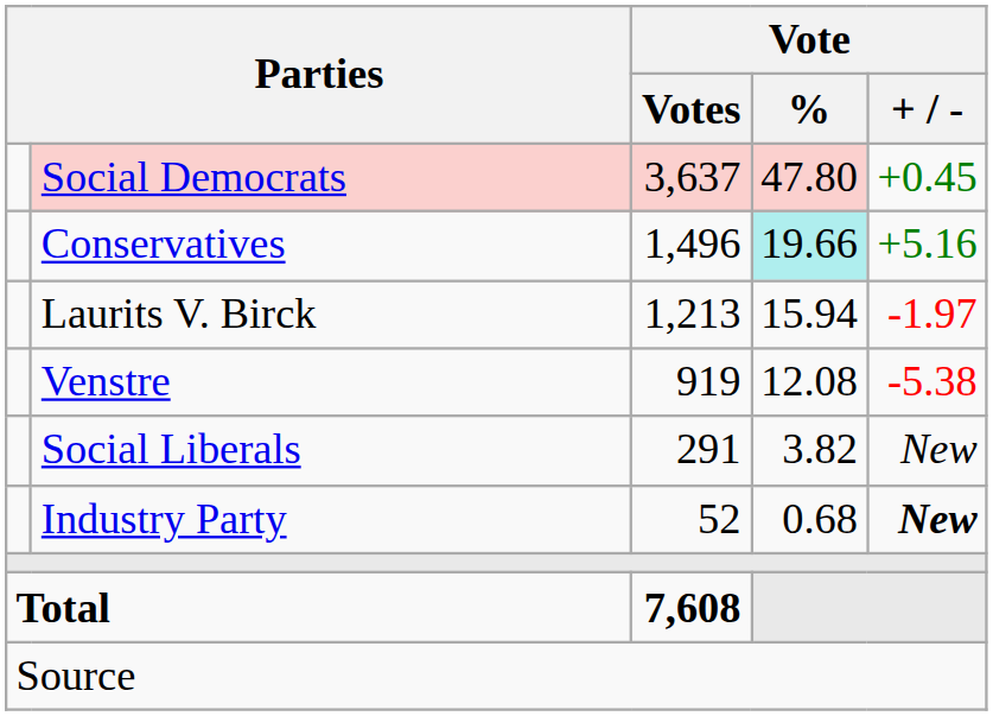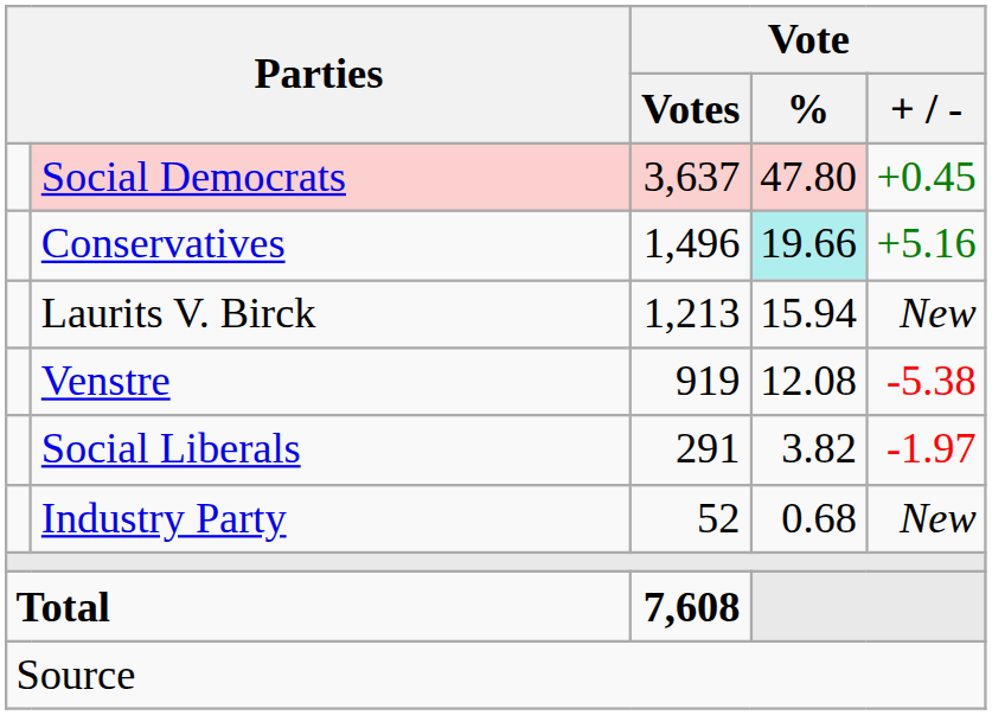 <table class="wikitable" style="text-align:right;">
 <tr>
 <th style="text-align:centre;" rowspan="2" colspan="2" width="225">Parties</th>
 <th colspan="3">Vote</th>
 </tr>
 <tr>
 <th width="15">Votes</th>
 <th width="15">%</th>
 <th width="15">+ / -</th>
 </tr>
 <tr>
 <td width="2" style="color:inherit;background:"></td>
 <td bgcolor=#fbd0ce  align="left"><a href='#'>Social Democrats</a></td>
 <td bgcolor=#fbd0ce>3,637</td>
 <td bgcolor=#fbd0ce>47.80</td>
 <td style=color:green;>+0.45</td>
 </tr>
 <tr>
 <td width="2" style="color:inherit;background:"></td>
 <td align="left"><a href='#'>Conservatives</a></td>
 <td>1,496</td>
 <td style="background: paleturquoise;">19.66</td>
 <td style=color:green;>+5.16</td>
 </tr>
 <tr>
 <td width="2" style="color:inherit;background:"></td>
 <td align="left">Laurits V. Birck</td>
 <td>1,213</td>
 <td>15.94</td>
-<td style=color:red;>-1.97</td>
+<td><em>New</em></td>
 </tr>
 <tr>
 <td width="2" style="color:inherit;background:"></td>
 <td align="left"><a href='#'>Venstre</a></td>
 <td>919</td>
 <td>12.08</td>
 <td style=color:red;>-5.38</td>
 </tr>
 <tr>
 <td width="2" style="color:inherit;background:"></td>
 <td align="left"><a href='#'>Social Liberals</a></td>
 <td>291</td>
 <td>3.82</td>
-<td><em>New</em></td>
+<td style=color:red;>-1.97</td>
 </tr>
 <tr>
 <td width="2" style="color:inherit;background:"></td>
 <td align="left"><a href='#'>Industry Party</a></td>
 <td>52</td>
 <td>0.68</td>
-<td><strong><em>New</em></strong></td>
+<td><em>New</em></td>
 </tr>
 <tr>
 <td colspan="7" bgcolor="#E9E9E9"></td>
 </tr>
 <tr>
 <td align="left" colspan="2"><strong>Total</strong></td>
 <td><strong>7,608</strong></td>
 <td bgcolor="#E9E9E9" colspan="2"></td>
 </tr>
 <tr>
 <td align="left" colspan="6">Source</td>
 </tr>
 </table>
